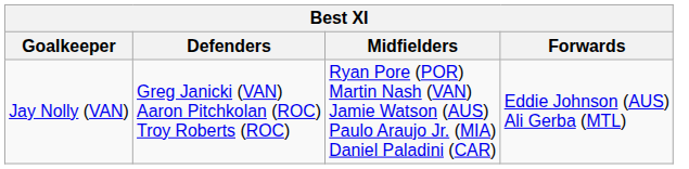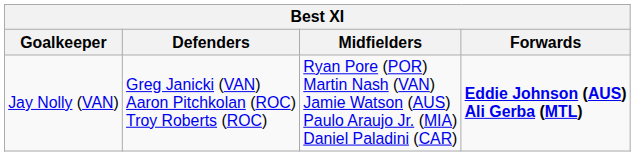 <table class="wikitable">
 <tr>
 <th colspan="4">Best XI</th>
 </tr>
 <tr>
 <th>Goalkeeper</th>
 <th>Defenders</th>
 <th>Midfielders</th>
 <th>Forwards</th>
 </tr>
 <tr>
 <td> <a href='#'>Jay Nolly</a> (<a href='#'>VAN</a>)</td>
 <td> <a href='#'>Greg Janicki</a> (<a href='#'>VAN</a>)<br> <a href='#'>Aaron Pitchkolan</a> (<a href='#'>ROC</a>)<br> <a href='#'>Troy Roberts</a> (<a href='#'>ROC</a>)</td>
 <td> <a href='#'>Ryan Pore</a> (<a href='#'>POR</a>)<br> <a href='#'>Martin Nash</a> (<a href='#'>VAN</a>)<br> <a href='#'>Jamie Watson</a> (<a href='#'>AUS</a>)<br> <a href='#'>Paulo Araujo Jr.</a> (<a href='#'>MIA</a>)<br> <a href='#'>Daniel Paladini</a> (<a href='#'>CAR</a>)</td>
-<td> <a href='#'>Eddie Johnson</a> (<a href='#'>AUS</a>)<br> <a href='#'>Ali Gerba</a> (<a href='#'>MTL</a>)</td>
+<td><strong> <a href='#'>Eddie Johnson</a> (<a href='#'>AUS</a>)<br> <a href='#'>Ali Gerba</a> (<a href='#'>MTL</a>)</strong></td>
 </tr>
 </table>
